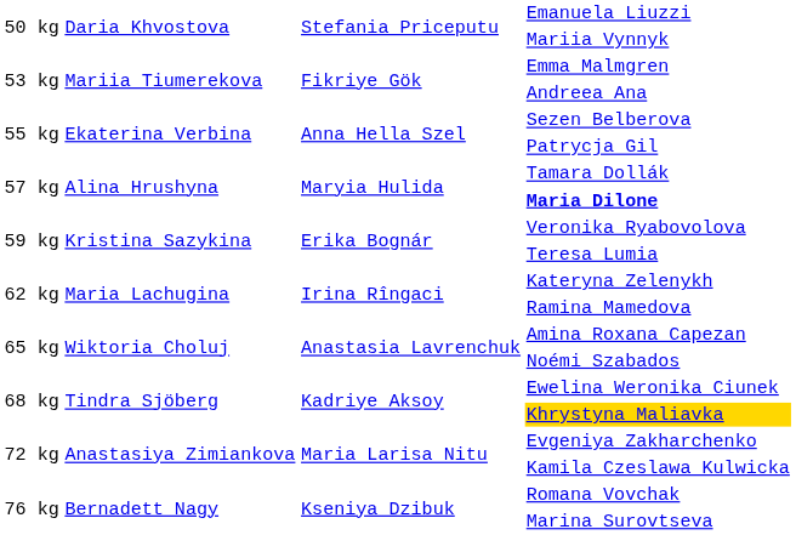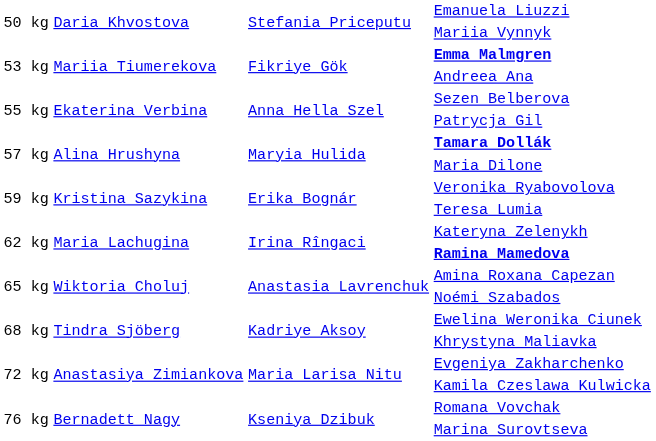 <table>
 <tr>
 <td rowspan=2>50 kg</td>
 <td rowspan=2> <a href='#'>Daria Khvostova</a></td>
 <td rowspan=2> <a href='#'>Stefania Priceputu</a></td>
 <td> <a href='#'>Emanuela Liuzzi</a></td>
 </tr>
 <tr>
 <td> <a href='#'>Mariia Vynnyk</a></td>
 </tr>
 <tr>
 <td rowspan=2>53 kg</td>
 <td rowspan=2> <a href='#'>Mariia Tiumerekova</a></td>
 <td rowspan=2> <a href='#'>Fikriye Gök</a></td>
-<td> <a href='#'>Emma Malmgren</a></td>
+<td><strong> <a href='#'>Emma Malmgren</a></strong></td>
 </tr>
 <tr>
 <td> <a href='#'>Andreea Ana</a></td>
 </tr>
 <tr>
 <td rowspan=2>55 kg</td>
 <td rowspan=2> <a href='#'>Ekaterina Verbina</a></td>
 <td rowspan=2> <a href='#'>Anna Hella Szel</a></td>
 <td> <a href='#'>Sezen Belberova</a></td>
 </tr>
 <tr>
 <td> <a href='#'>Patrycja Gil</a></td>
 </tr>
 <tr>
 <td rowspan=2>57 kg</td>
 <td rowspan=2> <a href='#'>Alina Hrushyna</a></td>
 <td rowspan=2> <a href='#'>Maryia Hulida</a></td>
-<td> <a href='#'>Tamara Dollák</a></td>
+<td><strong> <a href='#'>Tamara Dollák</a></strong></td>
 </tr>
 <tr>
-<td><strong> <a href='#'>Maria Dilone</a></strong></td>
+<td> <a href='#'>Maria Dilone</a></td>
 </tr>
 <tr>
 <td rowspan=2>59 kg</td>
 <td rowspan=2> <a href='#'>Kristina Sazykina</a></td>
 <td rowspan=2> <a href='#'>Erika Bognár</a></td>
 <td> <a href='#'>Veronika Ryabovolova</a></td>
 </tr>
 <tr>
 <td> <a href='#'>Teresa Lumia</a></td>
 </tr>
 <tr>
 <td rowspan=2>62 kg</td>
 <td rowspan=2> <a href='#'>Maria Lachugina</a></td>
 <td rowspan=2> <a href='#'>Irina Rîngaci</a></td>
 <td> <a href='#'>Kateryna Zelenykh</a></td>
 </tr>
 <tr>
-<td> <a href='#'>Ramina Mamedova</a></td>
+<td><strong> <a href='#'>Ramina Mamedova</a></strong></td>
 </tr>
 <tr>
 <td rowspan=2>65 kg</td>
 <td rowspan=2> <a href='#'>Wiktoria Choluj</a></td>
 <td rowspan=2> <a href='#'>Anastasia Lavrenchuk</a></td>
 <td> <a href='#'>Amina Roxana Capezan</a></td>
 </tr>
 <tr>
 <td> <a href='#'>Noémi Szabados</a></td>
 </tr>
 <tr>
 <td rowspan=2>68 kg</td>
 <td rowspan=2> <a href='#'>Tindra Sjöberg</a></td>
 <td rowspan=2> <a href='#'>Kadriye Aksoy</a></td>
 <td> <a href='#'>Ewelina Weronika Ciunek</a></td>
 </tr>
 <tr>
-<td style="background: gold;"> <a href='#'>Khrystyna Maliavka</a></td>
+<td> <a href='#'>Khrystyna Maliavka</a></td>
 </tr>
 <tr>
 <td rowspan=2>72 kg</td>
 <td rowspan=2> <a href='#'>Anastasiya Zimiankova</a></td>
 <td rowspan=2> <a href='#'>Maria Larisa Nitu</a></td>
 <td> <a href='#'>Evgeniya Zakharchenko</a></td>
 </tr>
 <tr>
 <td> <a href='#'>Kamila Czeslawa Kulwicka</a></td>
 </tr>
 <tr>
 <td rowspan=2>76 kg</td>
 <td rowspan=2> <a href='#'>Bernadett Nagy</a></td>
 <td rowspan=2> <a href='#'>Kseniya Dzibuk</a></td>
 <td> <a href='#'>Romana Vovchak</a></td>
 </tr>
 <tr>
 <td> <a href='#'>Marina Surovtseva</a></td>
 </tr>
 </table>
